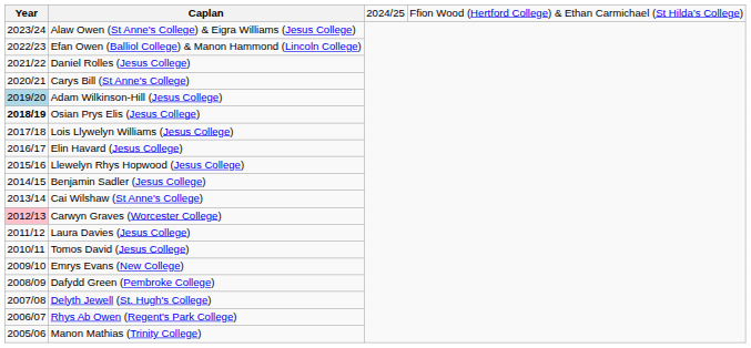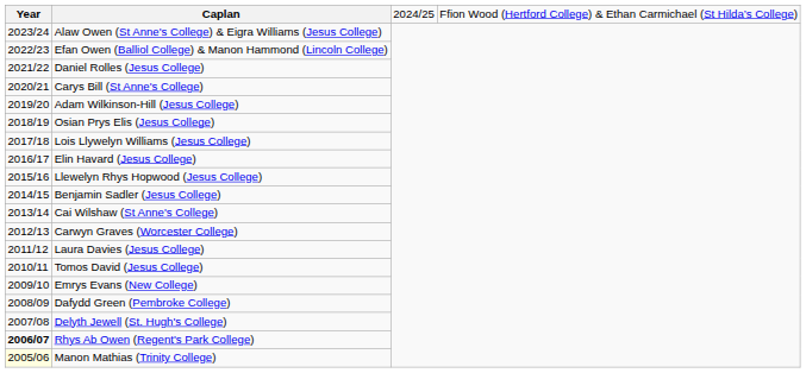 <table class="wikitable">
 <tr>
 <th>Year</th>
 <th>Caplan</th>
 <td>2024/25</td>
 <td>Ffion Wood (<a href='#'>Hertford College</a>) & Ethan Carmichael (<a href='#'>St Hilda’s College</a>)</td>
 </tr>
 <tr>
 <td>2023/24</td>
 <td>Alaw Owen (<a href='#'>St Anne's College</a>) & Eigra Williams (<a href='#'>Jesus College</a>)</td>
 </tr>
 <tr>
 <td>2022/23</td>
 <td>Efan Owen (<a href='#'>Balliol College</a>) & Manon Hammond (<a href='#'>Lincoln College</a>)</td>
 </tr>
 <tr>
 <td>2021/22</td>
 <td>Daniel Rolles (<a href='#'>Jesus College</a>)</td>
 </tr>
 <tr>
 <td>2020/21</td>
 <td>Carys Bill (<a href='#'>St Anne's College</a>)</td>
 </tr>
 <tr>
-<td style="background: lightblue;">2019/20</td>
+<td>2019/20</td>
 <td>Adam Wilkinson-Hill (<a href='#'>Jesus College</a>)</td>
 </tr>
 <tr>
-<td><strong>2018/19</strong></td>
+<td>2018/19</td>
 <td>Osian Prys Elis (<a href='#'>Jesus College</a>)</td>
 </tr>
 <tr>
 <td>2017/18</td>
 <td>Lois Llywelyn Williams (<a href='#'>Jesus College</a>)</td>
 </tr>
 <tr>
 <td>2016/17</td>
 <td>Elin Havard (<a href='#'>Jesus College</a>)</td>
 </tr>
 <tr>
 <td>2015/16</td>
 <td>Llewelyn Rhys Hopwood (<a href='#'>Jesus College</a>)</td>
 </tr>
 <tr>
 <td>2014/15</td>
 <td>Benjamin Sadler (<a href='#'>Jesus College</a>)</td>
 </tr>
 <tr>
 <td>2013/14</td>
 <td>Cai Wilshaw (<a href='#'>St Anne's College</a>)</td>
 </tr>
 <tr>
-<td style="background: pink;">2012/13</td>
+<td>2012/13</td>
 <td>Carwyn Graves (<a href='#'>Worcester College</a>)</td>
 </tr>
 <tr>
 <td>2011/12</td>
 <td>Laura Davies (<a href='#'>Jesus College</a>)</td>
 </tr>
 <tr>
 <td>2010/11</td>
 <td>Tomos David (<a href='#'>Jesus College</a>)</td>
 </tr>
 <tr>
 <td>2009/10</td>
 <td>Emrys Evans (<a href='#'>New College</a>)</td>
 </tr>
 <tr>
 <td>2008/09</td>
 <td>Dafydd Green (<a href='#'>Pembroke College</a>)</td>
 </tr>
 <tr>
 <td>2007/08</td>
 <td><a href='#'>Delyth Jewell</a> (<a href='#'>St. Hugh's College</a>)</td>
 </tr>
 <tr>
-<td>2006/07</td>
+<td><strong>2006/07</strong></td>
 <td><a href='#'>Rhys Ab Owen</a> (<a href='#'>Regent's Park College</a>)</td>
 </tr>
 <tr>
-<td>2005/06</td>
+<td style="background: lightyellow;">2005/06</td>
 <td>Manon Mathias (<a href='#'>Trinity College</a>)</td>
 </tr>
 </table>
